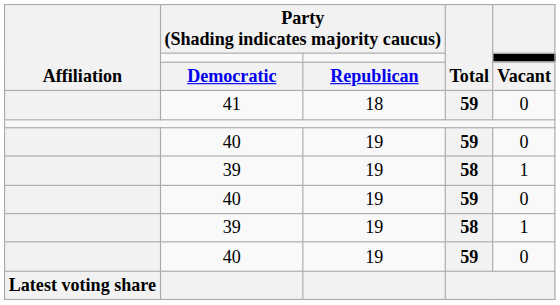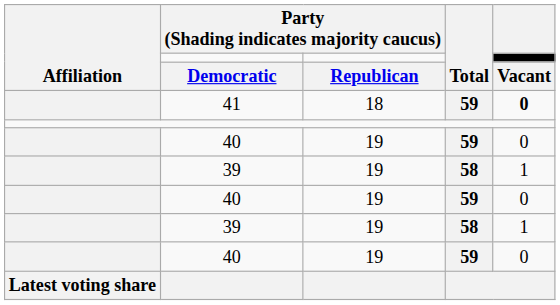 <table class=wikitable style="text-align:center;">
 <tr style="vertical-align:bottom;">
 <th rowspan=3>Affiliation</th>
 <th colspan=2>Party <div>(Shading indicates majority caucus)</div></th>
 <th rowspan=3>Total</th>
 <th></th>
 </tr>
 <tr style="height:5px">
 <td style="background-color:"></td>
 <td style="background-color:"></td>
 <td style="background:black;"></td>
 </tr>
 <tr>
 <th><a href='#'>Democratic</a></th>
 <th><a href='#'>Republican</a></th>
 <th>Vacant</th>
 </tr>
 <tr>
 <th></th>
 <td>41</td>
 <td>18</td>
 <th>59</th>
-<td>0</td>
+<td><strong>0</strong></td>
 </tr>
 <tr>
 <td colspan="6"></td>
 </tr>
 <tr>
 <th></th>
 <td>40</td>
 <td>19</td>
 <th>59</th>
 <td>0</td>
 </tr>
 <tr>
 <th></th>
 <td>39</td>
 <td>19</td>
 <th>58</th>
 <td>1</td>
 </tr>
 <tr>
 <th></th>
 <td>40</td>
 <td>19</td>
 <th>59</th>
 <td>0</td>
 </tr>
 <tr>
 <th></th>
 <td>39</td>
 <td>19</td>
 <th>58</th>
 <td>1</td>
 </tr>
 <tr>
 <th></th>
 <td>40</td>
 <td>19</td>
 <th>59</th>
 <td>0</td>
 </tr>
 <tr>
 <th>Latest voting share</th>
 <th></th>
 <th></th>
 <th colspan=2></th>
 </tr>
 </table>
